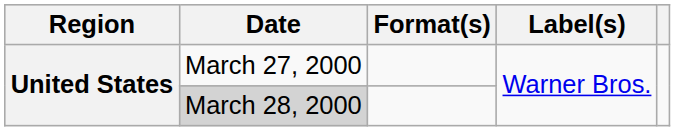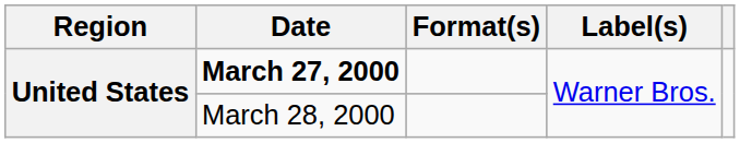 <table class="wikitable plainrowheaders">
 <tr>
 <th scope="col">Region</th>
 <th scope="col">Date</th>
 <th scope="col">Format(s)</th>
 <th scope="col">Label(s)</th>
 <th scope="col"></th>
 </tr>
 <tr>
 <th scope="row" rowspan="2">United States</th>
-<td>March 27, 2000</td>
+<td><strong>March 27, 2000</strong></td>
 <td></td>
 <td rowspan="2"><a href='#'>Warner Bros.</a></td>
 <td rowspan="2" align="center"></td>
 </tr>
 <tr>
-<td style="background: lightgrey;">March 28, 2000</td>
+<td>March 28, 2000</td>
 <td></td>
 </tr>
 </table>
